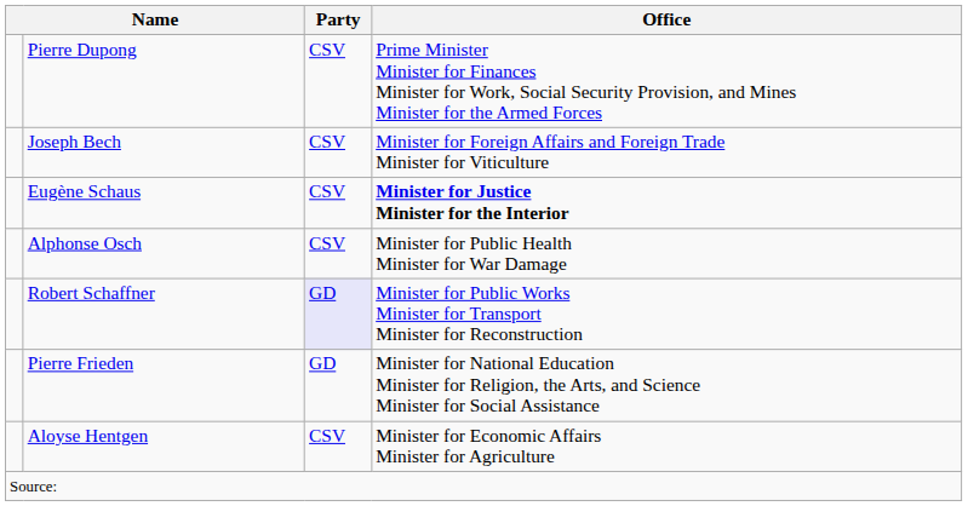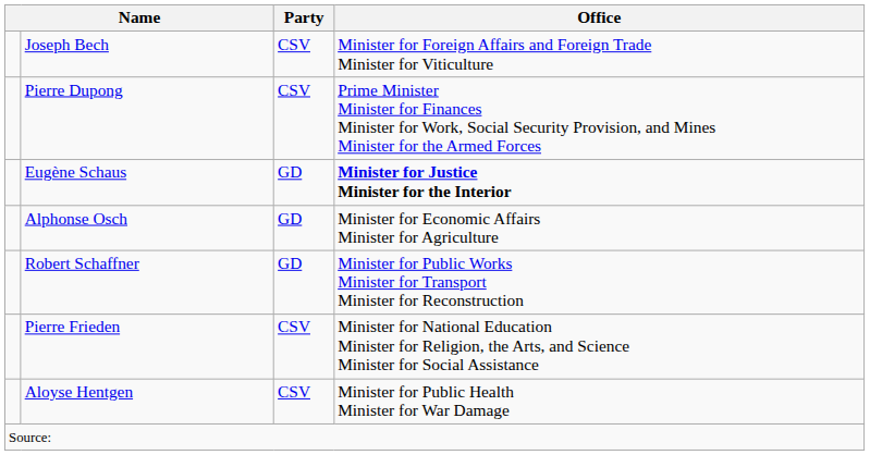 <table class="wikitable">
 <tr>
 <th colspan=2 width=250px>Name</th>
 <th width=50px>Party</th>
 <th width=500px>Office</th>
+</tr>
+<tr>
+<td style="background-color: "></td>
+<td valign=top><a href='#'>Joseph Bech</a></td>
+<td valign=top><a href='#'>CSV</a></td>
+<td><a href='#'>Minister for Foreign Affairs and Foreign Trade</a> <br> Minister for Viticulture</td>
 </tr>
 <tr>
 <td style="background-color: "></td>
 <td valign=top><a href='#'>Pierre Dupong</a></td>
 <td valign=top><a href='#'>CSV</a></td>
 <td><a href='#'>Prime Minister</a> <br> <a href='#'>Minister for Finances</a> <br> Minister for Work, Social Security Provision, and Mines <br> <a href='#'>Minister for the Armed Forces</a></td>
 </tr>
 <tr>
 <td style="background-color: "></td>
-<td valign=top><a href='#'>Joseph Bech</a></td>
-<td valign=top><a href='#'>CSV</a></td>
-<td><a href='#'>Minister for Foreign Affairs and Foreign Trade</a> <br> Minister for Viticulture</td>
-</tr>
-<tr>
-<td style="background-color: "></td>
 <td valign=top><a href='#'>Eugène Schaus</a></td>
-<td valign=top><a href='#'>CSV</a></td>
+<td valign=top><a href='#'>GD</a></td>
 <td><strong><a href='#'>Minister for Justice</a> <br> Minister for the Interior</strong></td>
 </tr>
 <tr>
 <td style="background-color: "></td>
 <td valign=top><a href='#'>Alphonse Osch</a></td>
-<td valign=top><a href='#'>CSV</a></td>
-<td>Minister for Public Health <br> Minister for War Damage</td>
+<td valign=top><a href='#'>GD</a></td>
+<td>Minister for Economic Affairs <br> Minister for Agriculture</td>
 </tr>
 <tr>
 <td style="background-color: "></td>
 <td valign=top><a href='#'>Robert Schaffner</a></td>
-<td valign=top style="background: lavender;"><a href='#'>GD</a></td>
+<td valign=top><a href='#'>GD</a></td>
 <td><a href='#'>Minister for Public Works</a> <br> <a href='#'>Minister for Transport</a> <br> Minister for Reconstruction</td>
 </tr>
 <tr>
 <td style="background-color: "></td>
 <td valign=top><a href='#'>Pierre Frieden</a></td>
-<td valign=top><a href='#'>GD</a></td>
+<td valign=top><a href='#'>CSV</a></td>
 <td>Minister for National Education <br> Minister for Religion, the Arts, and Science <br> Minister for Social Assistance</td>
 </tr>
 <tr>
 <td style="background-color: "></td>
 <td valign=top><a href='#'>Aloyse Hentgen</a></td>
 <td valign=top><a href='#'>CSV</a></td>
-<td>Minister for Economic Affairs <br> Minister for Agriculture</td>
+<td>Minister for Public Health <br> Minister for War Damage</td>
 </tr>
 <tr>
 <td colspan=4><small>Source: </small></td>
 </tr>
 </table>
